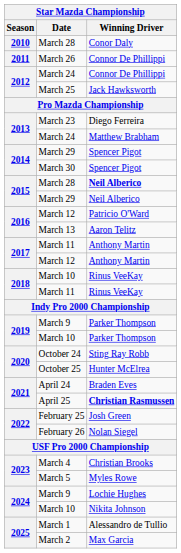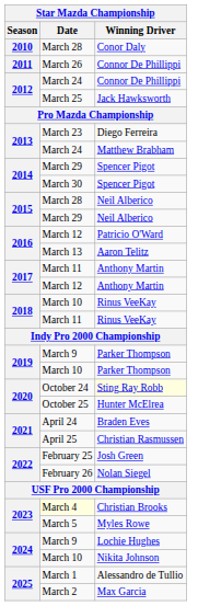 <table class="wikitable" style="font-size: 95%;">
 <tr>
 <th colspan="3"><a href='#'>Star Mazda Championship</a></th>
 </tr>
 <tr>
 <th>Season</th>
 <th>Date</th>
 <th>Winning Driver</th>
 </tr>
 <tr>
 <th><a href='#'>2010</a></th>
 <td>March 28</td>
 <td> <a href='#'>Conor Daly</a></td>
 </tr>
 <tr>
 <th><a href='#'>2011</a></th>
 <td>March 26</td>
 <td> <a href='#'>Connor De Phillippi</a></td>
 </tr>
 <tr>
 <th rowspan=2><a href='#'>2012</a></th>
 <td>March 24</td>
 <td> <a href='#'>Connor De Phillippi</a></td>
 </tr>
 <tr>
 <td>March 25</td>
 <td> <a href='#'>Jack Hawksworth</a></td>
 </tr>
 <tr>
 <th colspan="3"><a href='#'>Pro Mazda Championship</a></th>
 </tr>
 <tr>
 <th rowspan=2><a href='#'>2013</a></th>
 <td>March 23</td>
 <td> Diego Ferreira</td>
 </tr>
 <tr>
 <td>March 24</td>
 <td> <a href='#'>Matthew Brabham</a></td>
 </tr>
 <tr>
 <th rowspan=2><a href='#'>2014</a></th>
 <td>March 29</td>
 <td> <a href='#'>Spencer Pigot</a></td>
 </tr>
 <tr>
 <td>March 30</td>
 <td> <a href='#'>Spencer Pigot</a></td>
 </tr>
 <tr>
 <th rowspan=2><a href='#'>2015</a></th>
 <td>March 28</td>
-<td><strong> <a href='#'>Neil Alberico</a></strong></td>
+<td> <a href='#'>Neil Alberico</a></td>
 </tr>
 <tr>
 <td>March 29</td>
 <td> <a href='#'>Neil Alberico</a></td>
 </tr>
 <tr>
 <th rowspan=2><a href='#'>2016</a></th>
 <td>March 12</td>
 <td> <a href='#'>Patricio O'Ward</a></td>
 </tr>
 <tr>
 <td>March 13</td>
 <td> <a href='#'>Aaron Telitz</a></td>
 </tr>
 <tr>
 <th rowspan=2><a href='#'>2017</a></th>
 <td>March 11</td>
 <td> <a href='#'>Anthony Martin</a></td>
 </tr>
 <tr>
 <td>March 12</td>
 <td> <a href='#'>Anthony Martin</a></td>
 </tr>
 <tr>
 <th rowspan=2><a href='#'>2018</a></th>
 <td>March 10</td>
 <td> <a href='#'>Rinus VeeKay</a></td>
 </tr>
 <tr>
 <td>March 11</td>
 <td> <a href='#'>Rinus VeeKay</a></td>
 </tr>
 <tr>
 <th colspan="3"><a href='#'>Indy Pro 2000 Championship</a></th>
 </tr>
 <tr>
 <th rowspan=2><a href='#'>2019</a></th>
 <td>March 9</td>
 <td> <a href='#'>Parker Thompson</a></td>
 </tr>
 <tr>
 <td>March 10</td>
 <td> <a href='#'>Parker Thompson</a></td>
 </tr>
 <tr>
 <th rowspan=2><a href='#'>2020</a></th>
 <td>October 24</td>
-<td> <a href='#'>Sting Ray Robb</a></td>
+<td style="background: lightyellow;"> <a href='#'>Sting Ray Robb</a></td>
 </tr>
 <tr>
 <td>October 25</td>
 <td> <a href='#'>Hunter McElrea</a></td>
 </tr>
 <tr>
 <th rowspan="2"><a href='#'>2021</a></th>
 <td>April 24</td>
 <td> <a href='#'>Braden Eves</a></td>
 </tr>
 <tr>
 <td>April 25</td>
-<td><strong> <a href='#'>Christian Rasmussen</a></strong></td>
+<td> <a href='#'>Christian Rasmussen</a></td>
 </tr>
 <tr>
 <th rowspan="2"><a href='#'>2022</a></th>
 <td>February 25</td>
 <td> <a href='#'>Josh Green</a></td>
 </tr>
 <tr>
 <td>February 26</td>
 <td> <a href='#'>Nolan Siegel</a></td>
 </tr>
 <tr>
 <th colspan="3"><a href='#'>USF Pro 2000 Championship</a></th>
 </tr>
 <tr>
 <th rowspan="2"><a href='#'>2023</a></th>
-<td>March 4</td>
+<td style="background: lightyellow;">March 4</td>
 <td> <a href='#'>Christian Brooks</a></td>
 </tr>
 <tr>
 <td>March 5</td>
 <td> <a href='#'>Myles Rowe</a></td>
 </tr>
 <tr>
 <th rowspan="2"><a href='#'>2024</a></th>
 <td>March 9</td>
 <td> <a href='#'>Lochie Hughes</a></td>
 </tr>
 <tr>
 <td>March 10</td>
 <td> <a href='#'>Nikita Johnson</a></td>
 </tr>
 <tr>
 <th rowspan="2"><a href='#'>2025</a></th>
 <td>March 1</td>
 <td> Alessandro de Tullio</td>
 </tr>
 <tr>
 <td>March 2</td>
 <td> <a href='#'>Max Garcia</a></td>
 </tr>
 </table>
